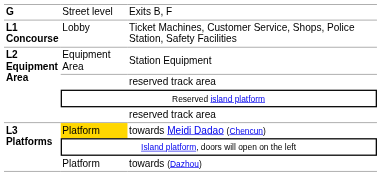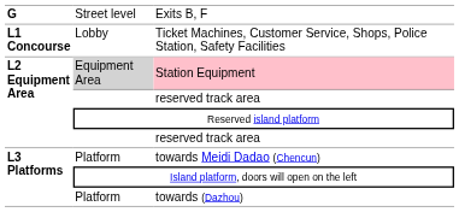 <table table border=0 cellspacing=0 cellpadding=3>
 <tr>
 <td style="border-top:solid 1px gray;" width=50 valign=top><strong>G</strong></td>
 <td style="border-top:solid 1px gray;" width=100 valign=top>Street level</td>
 <td style="border-top:solid 1px gray;" width=390 valign=top>Exits B, F</td>
 </tr>
 <tr>
 <td style="border-bottom:solid 1px gray; border-top:solid 1px gray;" valign=top><strong>L1<br>Concourse</strong></td>
 <td style="border-bottom:solid 1px gray; border-top:solid 1px gray;" valign=top>Lobby</td>
 <td style="border-bottom:solid 1px gray; border-top:solid 1px gray;" valign=top>Ticket Machines, Customer Service, Shops, Police Station, Safety Facilities</td>
 </tr>
 <tr>
 <td style="border-bottom:solid 1px gray;" rowspan=4 valign=top><strong>L2<br>Equipment Area</strong></td>
-<td style="border-bottom:solid 1px gray;">Equipment Area</td>
-<td style="border-bottom:solid 1px gray;">Station Equipment</td>
+<td style="background: lightgrey; border-bottom:solid 1px gray;">Equipment Area</td>
+<td style="background: pink; border-bottom:solid 1px gray;">Station Equipment</td>
 </tr>
 <tr>
 <td></td>
 <td>  reserved track area</td>
 </tr>
 <tr>
 <td style="border-right:solid 2px black;border-left:solid 2px black;border-top:solid 2px black;border-bottom:solid 2px black;text-align:center;" colspan=2><small>Reserved <a href='#'>island platform</a></small></td>
 </tr>
 <tr>
 <td style="border-bottom:solid 1px gray;"></td>
 <td style="border-bottom:solid 1px gray;">  reserved track area</td>
 </tr>
 <tr>
 <td style="border-bottom:solid 1px gray;" rowspan=3 valign=top><strong>L3<br>Platforms</strong></td>
-<td style="background: gold;">Platform </td>
+<td>Platform </td>
 <td>   towards <a href='#'>Meidi Dadao</a> <small>(<a href='#'>Chencun</a>)</small></td>
 </tr>
 <tr>
 <td style="border-right:solid 2px black;border-left:solid 2px black;border-top:solid 2px black;border-bottom:solid 2px black;text-align:center;" colspan=2><small><a href='#'>Island platform</a>, doors will open on the left</small></td>
 </tr>
 <tr>
 <td style="border-bottom:solid 1px gray;">Platform </td>
 <td style="border-bottom:solid 1px gray;">  towards  <small>(<a href='#'>Dazhou</a>)</small> </td>
 </tr>
 </table>
